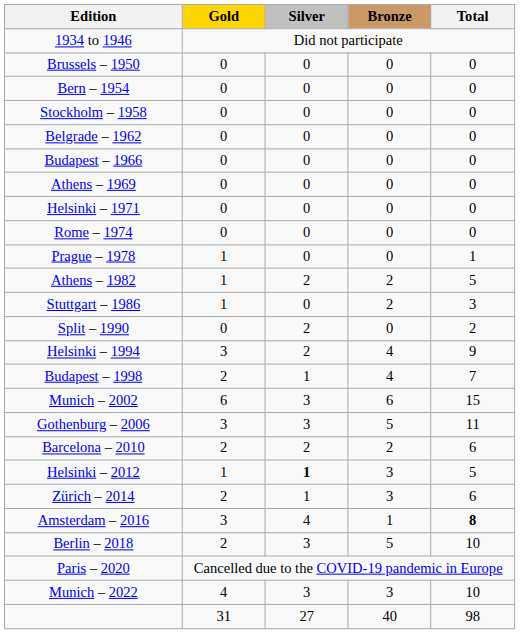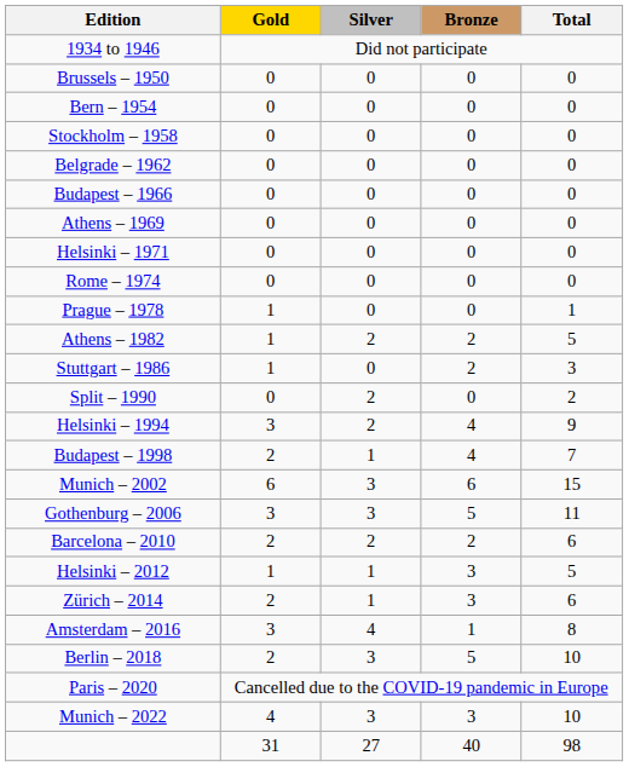 <table class="wikitable" width=40% style="font-size:90%; text-align:center;">
 <tr>
 <th width=30%>Edition</th>
 <th width=14% style="background-color:gold">Gold</th>
 <th width=14% style="background-color:silver">Silver</th>
 <th width=14% style="background-color:#cc9966">Bronze</th>
 <th width=14%>Total</th>
 </tr>
 <tr>
 <td><a href='#'>1934</a> to <a href='#'>1946</a></td>
 <td colspan=4>Did not participate</td>
 </tr>
 <tr>
 <td> <a href='#'>Brussels</a> – <a href='#'>1950</a></td>
 <td>0</td>
 <td>0</td>
 <td>0</td>
 <td>0</td>
 </tr>
 <tr>
 <td> <a href='#'>Bern</a> – <a href='#'>1954</a></td>
 <td>0</td>
 <td>0</td>
 <td>0</td>
 <td>0</td>
 </tr>
 <tr>
 <td> <a href='#'>Stockholm</a> – <a href='#'>1958</a></td>
 <td>0</td>
 <td>0</td>
 <td>0</td>
 <td>0</td>
 </tr>
 <tr>
 <td> <a href='#'>Belgrade</a> – <a href='#'>1962</a></td>
 <td>0</td>
 <td>0</td>
 <td>0</td>
 <td>0</td>
 </tr>
 <tr>
 <td> <a href='#'>Budapest</a> – <a href='#'>1966</a></td>
 <td>0</td>
 <td>0</td>
 <td>0</td>
 <td>0</td>
 </tr>
 <tr>
 <td> <a href='#'>Athens</a> – <a href='#'>1969</a></td>
 <td>0</td>
 <td>0</td>
 <td>0</td>
 <td>0</td>
 </tr>
 <tr>
 <td> <a href='#'>Helsinki</a> – <a href='#'>1971</a></td>
 <td>0</td>
 <td>0</td>
 <td>0</td>
 <td>0</td>
 </tr>
 <tr>
 <td> <a href='#'>Rome</a> – <a href='#'>1974</a></td>
 <td>0</td>
 <td>0</td>
 <td>0</td>
 <td>0</td>
 </tr>
 <tr>
 <td> <a href='#'>Prague</a> – <a href='#'>1978</a></td>
 <td>1</td>
 <td>0</td>
 <td>0</td>
 <td>1</td>
 </tr>
 <tr>
 <td> <a href='#'>Athens</a> – <a href='#'>1982</a></td>
 <td>1</td>
 <td>2</td>
 <td>2</td>
 <td>5</td>
 </tr>
 <tr>
 <td> <a href='#'>Stuttgart</a> – <a href='#'>1986</a></td>
 <td>1</td>
 <td>0</td>
 <td>2</td>
 <td>3</td>
 </tr>
 <tr>
 <td> <a href='#'>Split</a> – <a href='#'>1990</a></td>
 <td>0</td>
 <td>2</td>
 <td>0</td>
 <td>2</td>
 </tr>
 <tr>
 <td> <a href='#'>Helsinki</a> – <a href='#'>1994</a></td>
 <td>3</td>
 <td>2</td>
 <td>4</td>
 <td>9</td>
 </tr>
 <tr>
 <td> <a href='#'>Budapest</a> – <a href='#'>1998</a></td>
 <td>2</td>
 <td>1</td>
 <td>4</td>
 <td>7</td>
 </tr>
 <tr>
 <td> <a href='#'>Munich</a> – <a href='#'>2002</a></td>
 <td>6</td>
 <td>3</td>
 <td>6</td>
 <td>15</td>
 </tr>
 <tr>
 <td> <a href='#'>Gothenburg</a> – <a href='#'>2006</a></td>
 <td>3</td>
 <td>3</td>
 <td>5</td>
 <td>11</td>
 </tr>
 <tr>
 <td> <a href='#'>Barcelona</a> – <a href='#'>2010</a></td>
 <td>2</td>
 <td>2</td>
 <td>2</td>
 <td>6</td>
 </tr>
 <tr>
 <td> <a href='#'>Helsinki</a> – <a href='#'>2012</a></td>
 <td>1</td>
-<td><strong>1</strong></td>
+<td>1</td>
 <td>3</td>
 <td>5</td>
 </tr>
 <tr>
 <td> <a href='#'>Zürich</a> – <a href='#'>2014</a></td>
 <td>2</td>
 <td>1</td>
 <td>3</td>
 <td>6</td>
 </tr>
 <tr>
 <td> <a href='#'>Amsterdam</a> – <a href='#'>2016</a></td>
 <td>3</td>
 <td>4</td>
 <td>1</td>
-<td><strong>8</strong></td>
+<td>8</td>
 </tr>
 <tr>
 <td> <a href='#'>Berlin</a> – <a href='#'>2018</a></td>
 <td>2</td>
 <td>3</td>
 <td>5</td>
 <td>10</td>
 </tr>
 <tr>
 <td> <a href='#'>Paris</a> – <a href='#'>2020</a></td>
 <td colspan=4>Cancelled due to the <a href='#'>COVID-19 pandemic in Europe</a></td>
 </tr>
 <tr>
 <td> <a href='#'>Munich</a> – <a href='#'>2022</a></td>
 <td>4</td>
 <td>3</td>
 <td>3</td>
 <td>10</td>
 </tr>
 <tr>
 <td></td>
 <td>31</td>
 <td>27</td>
 <td>40</td>
 <td>98</td>
 </tr>
 </table>
